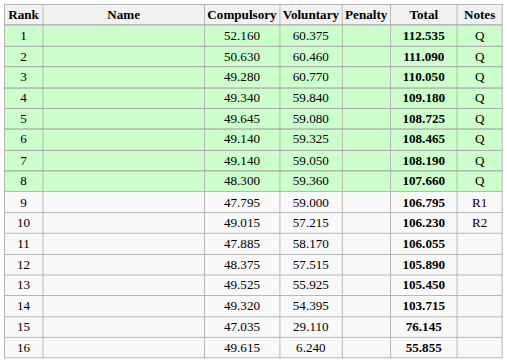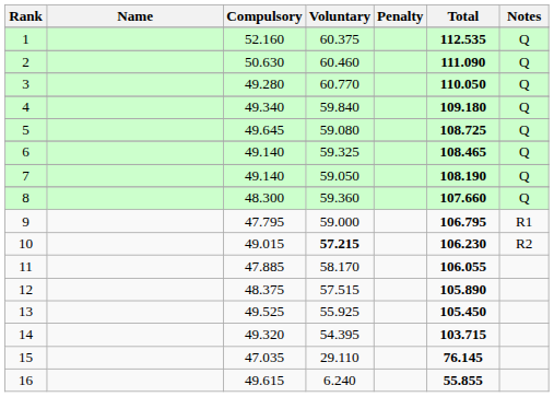 <table class="wikitable sortable" style="text-align:center">
 <tr>
 <th width=40>Rank</th>
 <th width=230>Name</th>
 <th width=50>Compulsory</th>
 <th width=50>Voluntary</th>
 <th width=50>Penalty</th>
 <th width=80>Total</th>
 <th width=50>Notes</th>
 </tr>
 <tr>
 </tr>
 <tr bgcolor=ccffcc>
 <td>1</td>
 <td align=left></td>
 <td>52.160</td>
 <td>60.375</td>
 <td></td>
 <td><strong>112.535</strong></td>
 <td>Q</td>
 </tr>
 <tr>
 </tr>
 <tr bgcolor=ccffcc>
 <td>2</td>
 <td align=left></td>
 <td>50.630</td>
 <td>60.460</td>
 <td></td>
 <td><strong>111.090</strong></td>
 <td>Q</td>
 </tr>
 <tr>
 </tr>
 <tr bgcolor=ccffcc>
 <td>3</td>
 <td align=left></td>
 <td>49.280</td>
 <td>60.770</td>
 <td></td>
 <td><strong>110.050</strong></td>
 <td>Q</td>
 </tr>
 <tr>
 </tr>
 <tr bgcolor=ccffcc>
 <td>4</td>
 <td align=left></td>
 <td>49.340</td>
 <td>59.840</td>
 <td></td>
 <td><strong>109.180</strong></td>
 <td>Q</td>
 </tr>
 <tr>
 </tr>
 <tr bgcolor=ccffcc>
 <td>5</td>
 <td align=left></td>
 <td>49.645</td>
 <td>59.080</td>
 <td></td>
 <td><strong>108.725</strong></td>
 <td>Q</td>
 </tr>
 <tr>
 </tr>
 <tr bgcolor=ccffcc>
 <td>6</td>
 <td align=left></td>
 <td>49.140</td>
 <td>59.325</td>
 <td></td>
 <td><strong>108.465</strong></td>
 <td>Q</td>
 </tr>
 <tr>
 </tr>
 <tr bgcolor=ccffcc>
 <td>7</td>
 <td align=left></td>
 <td>49.140</td>
 <td>59.050</td>
 <td></td>
 <td><strong>108.190</strong></td>
 <td>Q</td>
 </tr>
 <tr>
 </tr>
 <tr bgcolor=ccffcc>
 <td>8</td>
 <td align=left></td>
 <td>48.300</td>
 <td>59.360</td>
 <td></td>
 <td><strong>107.660</strong></td>
 <td>Q</td>
 </tr>
 <tr>
 <td>9</td>
 <td align=left></td>
 <td>47.795</td>
 <td>59.000</td>
 <td></td>
 <td><strong>106.795</strong></td>
 <td>R1</td>
 </tr>
 <tr>
 <td>10</td>
 <td align=left></td>
 <td>49.015</td>
-<td>57.215</td>
+<td><strong>57.215</strong></td>
 <td></td>
 <td><strong>106.230</strong></td>
 <td>R2</td>
 </tr>
 <tr>
 <td>11</td>
 <td align=left></td>
 <td>47.885</td>
 <td>58.170</td>
 <td></td>
 <td><strong>106.055</strong></td>
 <td></td>
 </tr>
 <tr>
 <td>12</td>
 <td align=left></td>
 <td>48.375</td>
 <td>57.515</td>
 <td></td>
 <td><strong>105.890</strong></td>
 <td></td>
 </tr>
 <tr>
 <td>13</td>
 <td align=left></td>
 <td>49.525</td>
 <td>55.925</td>
 <td></td>
 <td><strong>105.450</strong></td>
 <td></td>
 </tr>
 <tr>
 <td>14</td>
 <td align=left></td>
 <td>49.320</td>
 <td>54.395</td>
 <td></td>
 <td><strong>103.715</strong></td>
 <td></td>
 </tr>
 <tr>
 <td>15</td>
 <td align=left></td>
 <td>47.035</td>
 <td>29.110</td>
 <td></td>
 <td><strong>76.145</strong></td>
 <td></td>
 </tr>
 <tr>
 <td>16</td>
 <td align=left></td>
 <td>49.615</td>
 <td>6.240</td>
 <td></td>
 <td><strong>55.855</strong></td>
 <td></td>
 </tr>
 </table>
